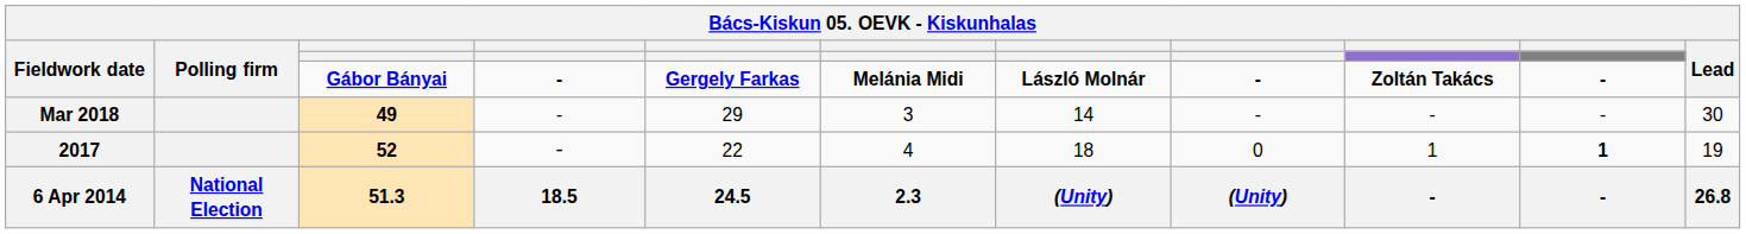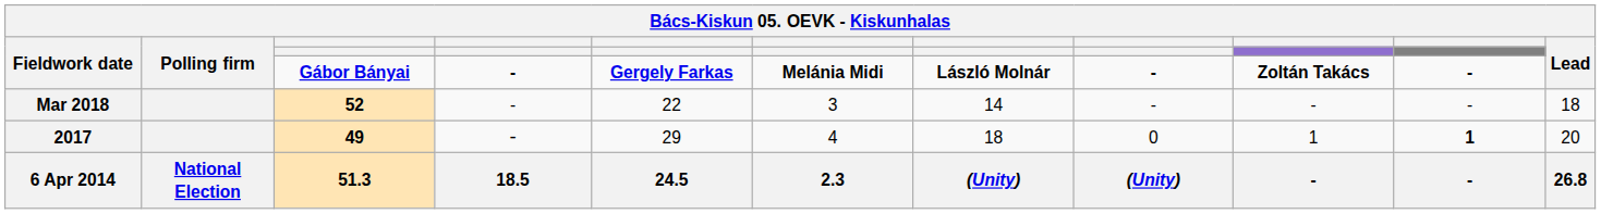 <table class="wikitable mw-collapsible mw-collapsed" style="text-align:center">
 <tr>
 <th colspan="11" style="width: 980pt;"><small><a href='#'>Bács-Kiskun</a> 05.</small> <small>OEVK - <a href='#'>Kiskunhalas</a></small></th>
 </tr>
 <tr>
 <th rowspan="3" style="width: 80pt;"><small>Fieldwork</small> <small>date</small></th>
 <th rowspan="3" style="width: 80pt;"><strong><small>Polling</small> <small>firm</small></strong></th>
 <th style="width: 100pt;"><small></small></th>
 <th style="width: 100pt;"><small> </small></th>
 <th style="width: 100pt;"></th>
 <th style="width: 100pt;"></th>
 <th style="width: 100pt;"></th>
 <th style="width: 100pt;"></th>
 <th style="width: 100pt;"></th>
 <th style="width: 100pt;"></th>
 <th rowspan="3" style="width: 20pt;"><small>Lead</small></th>
 </tr>
 <tr>
 <th style="color:inherit;background:"></th>
 <th style="color:inherit;background:"></th>
 <th style="color:inherit;background:"></th>
 <th style="color:inherit;background:"></th>
 <th style="color:inherit;background:"></th>
 <th style="color:inherit;background:"></th>
 <th style="color:inherit;background:#8E6FCE;"></th>
 <th style="color:inherit;background:#808080;"></th>
 </tr>
 <tr>
 <td><a href='#'><small><strong>Gábor Bányai</strong></small></a></td>
 <td><small><strong>-</strong></small></td>
 <td><small><strong><a href='#'>Gergely Farkas</a></strong></small></td>
 <td><small><strong>Melánia Midi</strong></small></td>
 <td><small><strong>László Molnár</strong></small></td>
 <td><small><strong>-</strong></small></td>
 <td><small><strong>Zoltán Takács</strong></small></td>
 <td><small><strong>-</strong></small></td>
 </tr>
 <tr>
 <th><small>Mar 2018</small></th>
 <th><small></small></th>
-<td style="background:#FFE5B4"><small><strong>49</strong></small></td>
+<td style="background:#FFE5B4"><small><strong>52</strong></small></td>
 <td><small>-</small></td>
-<td><small>29</small></td>
+<td><small>22</small></td>
 <td><small>3</small></td>
 <td><small>14</small></td>
 <td><small>-</small></td>
 <td><small>-</small></td>
 <td><small>-</small></td>
-<td style="background:"><small>30</small></td>
+<td style="background:"><small>18</small></td>
 </tr>
 <tr>
 <th><small>2017</small></th>
 <th><small></small></th>
-<td style="background:#FFE5B4"><small><strong>52</strong></small></td>
+<td style="background:#FFE5B4"><small><strong>49</strong></small></td>
 <td>-</td>
-<td><small>22</small></td>
+<td><small>29</small></td>
 <td><small>4</small></td>
 <td><small>18</small></td>
 <td><small>0</small></td>
 <td><small>1</small></td>
 <td><strong><small>1</small></strong></td>
-<td style="background:"><small>19</small></td>
+<td style="background:"><small>20</small></td>
 </tr>
 <tr>
 <th><small>6 Apr 2014</small></th>
 <th><a href='#'><small>National Election</small></a></th>
 <th style="background:#FFE5B4"><small><strong>51.3</strong></small></th>
 <th><small>18.5</small></th>
 <th><small>24.5</small></th>
 <th><small>2.3</small></th>
 <th><small><em>(<a href='#'>Unity</a>)</em></small></th>
 <th><small><em>(<a href='#'>Unity</a>)</em></small></th>
 <th><small>-</small></th>
 <th><small>-</small></th>
 <th style="background:"><small>26.8</small></th>
 </tr>
 </table>
